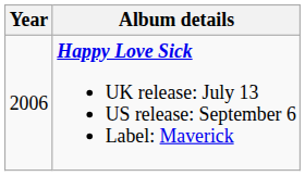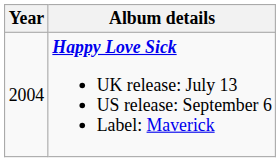 <table class="wikitable" style="text-align:center;">
 <tr>
 <th>Year</th>
 <th>Album details</th>
 </tr>
 <tr>
-<td>2006</td>
+<td>2004</td>
 <td align="left"><strong><em><a href='#'>Happy Love Sick</a></em></strong><br><ul><li>UK release: July 13</li><li>US release: September 6</li><li>Label: <a href='#'>Maverick</a></li></ul></td>
 </tr>
 </table>
